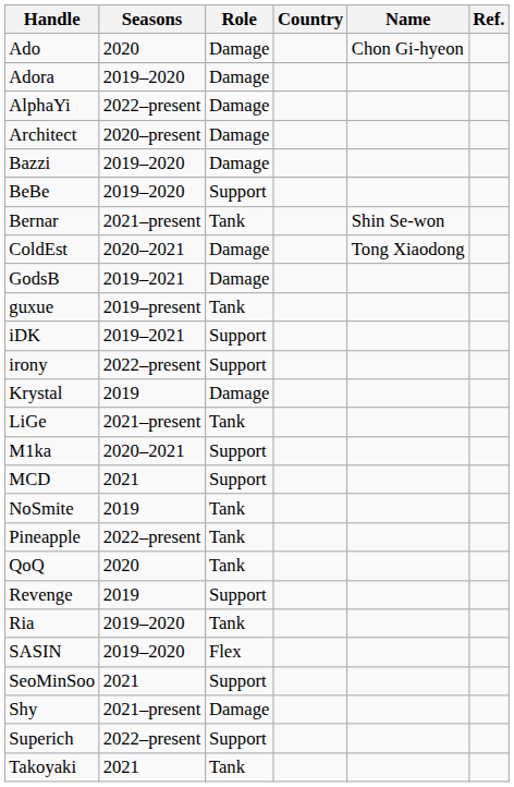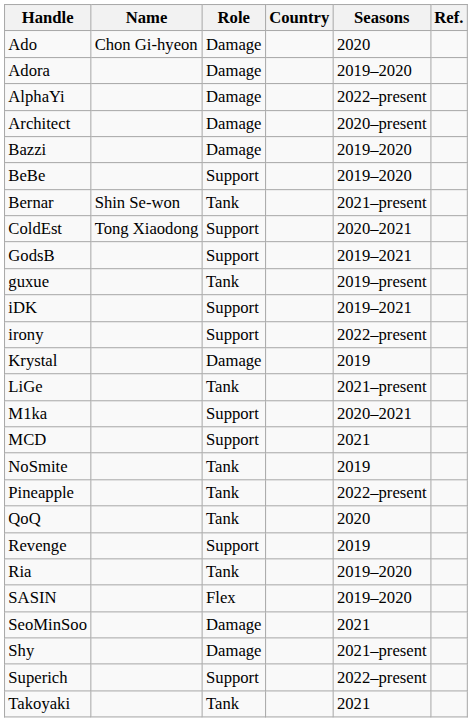 <table class="wikitable sortable" style="text-align:left;">
 <tr>
 <th style="background-color:#">Handle</th>
-<th style="background-color:#">Seasons</th>
+<th style="background-color:#">Name</th>
 <th style="background-color:#">Role</th>
 <th style="background-color:#">Country</th>
-<th style="background-color:#">Name</th>
+<th style="background-color:#">Seasons</th>
 <th style="background-color:#">Ref.</th>
 </tr>
 <tr>
 <td>Ado</td>
-<td>2020</td>
+<td>Chon Gi-hyeon</td>
 <td>Damage</td>
 <td></td>
-<td>Chon Gi-hyeon</td>
+<td>2020</td>
 <td></td>
 </tr>
 <tr>
 <td>Adora</td>
-<td>2019–2020</td>
+<td></td>
 <td>Damage</td>
 <td></td>
-<td></td>
+<td>2019–2020</td>
 <td></td>
 </tr>
 <tr>
 <td>AlphaYi</td>
-<td>2022–present</td>
+<td></td>
 <td>Damage</td>
 <td></td>
-<td></td>
+<td>2022–present</td>
 <td></td>
 </tr>
 <tr>
 <td>Architect</td>
-<td>2020–present</td>
+<td></td>
 <td>Damage</td>
 <td></td>
-<td></td>
+<td>2020–present</td>
 <td></td>
 </tr>
 <tr>
 <td>Bazzi</td>
-<td>2019–2020</td>
+<td></td>
 <td>Damage</td>
 <td></td>
-<td></td>
+<td>2019–2020</td>
 <td></td>
 </tr>
 <tr>
 <td>BeBe</td>
-<td>2019–2020</td>
+<td></td>
 <td>Support</td>
 <td></td>
-<td></td>
+<td>2019–2020</td>
 <td></td>
 </tr>
 <tr>
 <td>Bernar</td>
-<td>2021–present</td>
+<td>Shin Se-won</td>
 <td>Tank</td>
 <td></td>
-<td>Shin Se-won</td>
+<td>2021–present</td>
 <td></td>
 </tr>
 <tr>
 <td>ColdEst</td>
+<td>Tong Xiaodong</td>
+<td>Support</td>
+<td></td>
 <td>2020–2021</td>
-<td>Damage</td>
-<td></td>
-<td>Tong Xiaodong</td>
 <td></td>
 </tr>
 <tr>
 <td>GodsB</td>
+<td></td>
+<td>Support</td>
+<td></td>
 <td>2019–2021</td>
-<td>Damage</td>
-<td></td>
-<td></td>
 <td></td>
 </tr>
 <tr>
 <td>guxue</td>
-<td>2019–present</td>
+<td></td>
 <td>Tank</td>
 <td></td>
-<td></td>
+<td>2019–present</td>
 <td></td>
 </tr>
 <tr>
 <td>iDK</td>
-<td>2019–2021</td>
+<td></td>
 <td>Support</td>
 <td></td>
-<td></td>
+<td>2019–2021</td>
 <td></td>
 </tr>
 <tr>
 <td>irony</td>
-<td>2022–present</td>
+<td></td>
 <td>Support</td>
 <td></td>
-<td></td>
+<td>2022–present</td>
 <td></td>
 </tr>
 <tr>
 <td>Krystal</td>
-<td>2019</td>
+<td></td>
 <td>Damage</td>
 <td></td>
-<td></td>
+<td>2019</td>
 <td></td>
 </tr>
 <tr>
 <td>LiGe</td>
-<td>2021–present</td>
+<td></td>
 <td>Tank</td>
 <td></td>
-<td></td>
+<td>2021–present</td>
 <td></td>
 </tr>
 <tr>
 <td>M1ka</td>
-<td>2020–2021</td>
+<td></td>
 <td>Support</td>
 <td></td>
-<td></td>
+<td>2020–2021</td>
 <td></td>
 </tr>
 <tr>
 <td>MCD</td>
-<td>2021</td>
+<td></td>
 <td>Support</td>
 <td></td>
-<td></td>
+<td>2021</td>
 <td></td>
 </tr>
 <tr>
 <td>NoSmite</td>
-<td>2019</td>
+<td></td>
 <td>Tank</td>
 <td></td>
-<td></td>
+<td>2019</td>
 <td></td>
 </tr>
 <tr>
 <td>Pineapple</td>
-<td>2022–present</td>
+<td></td>
 <td>Tank</td>
 <td></td>
-<td></td>
+<td>2022–present</td>
 <td></td>
 </tr>
 <tr>
 <td>QoQ</td>
-<td>2020</td>
+<td></td>
 <td>Tank</td>
 <td></td>
-<td></td>
+<td>2020</td>
 <td></td>
 </tr>
 <tr>
 <td>Revenge</td>
-<td>2019</td>
+<td></td>
 <td>Support</td>
 <td></td>
-<td></td>
+<td>2019</td>
 <td></td>
 </tr>
 <tr>
 <td>Ria</td>
-<td>2019–2020</td>
+<td></td>
 <td>Tank</td>
 <td></td>
-<td></td>
+<td>2019–2020</td>
 <td></td>
 </tr>
 <tr>
 <td>SASIN</td>
-<td>2019–2020</td>
+<td></td>
 <td>Flex</td>
 <td></td>
-<td></td>
+<td>2019–2020</td>
 <td></td>
 </tr>
 <tr>
 <td>SeoMinSoo</td>
+<td></td>
+<td>Damage</td>
+<td></td>
 <td>2021</td>
-<td>Support</td>
-<td></td>
-<td></td>
 <td></td>
 </tr>
 <tr>
 <td>Shy</td>
-<td>2021–present</td>
+<td></td>
 <td>Damage</td>
 <td></td>
-<td></td>
+<td>2021–present</td>
 <td></td>
 </tr>
 <tr>
 <td>Superich</td>
-<td>2022–present</td>
+<td></td>
 <td>Support</td>
 <td></td>
-<td></td>
+<td>2022–present</td>
 <td></td>
 </tr>
 <tr>
 <td>Takoyaki</td>
-<td>2021</td>
+<td></td>
 <td>Tank</td>
 <td></td>
-<td></td>
+<td>2021</td>
 <td></td>
 </tr>
 </table>
